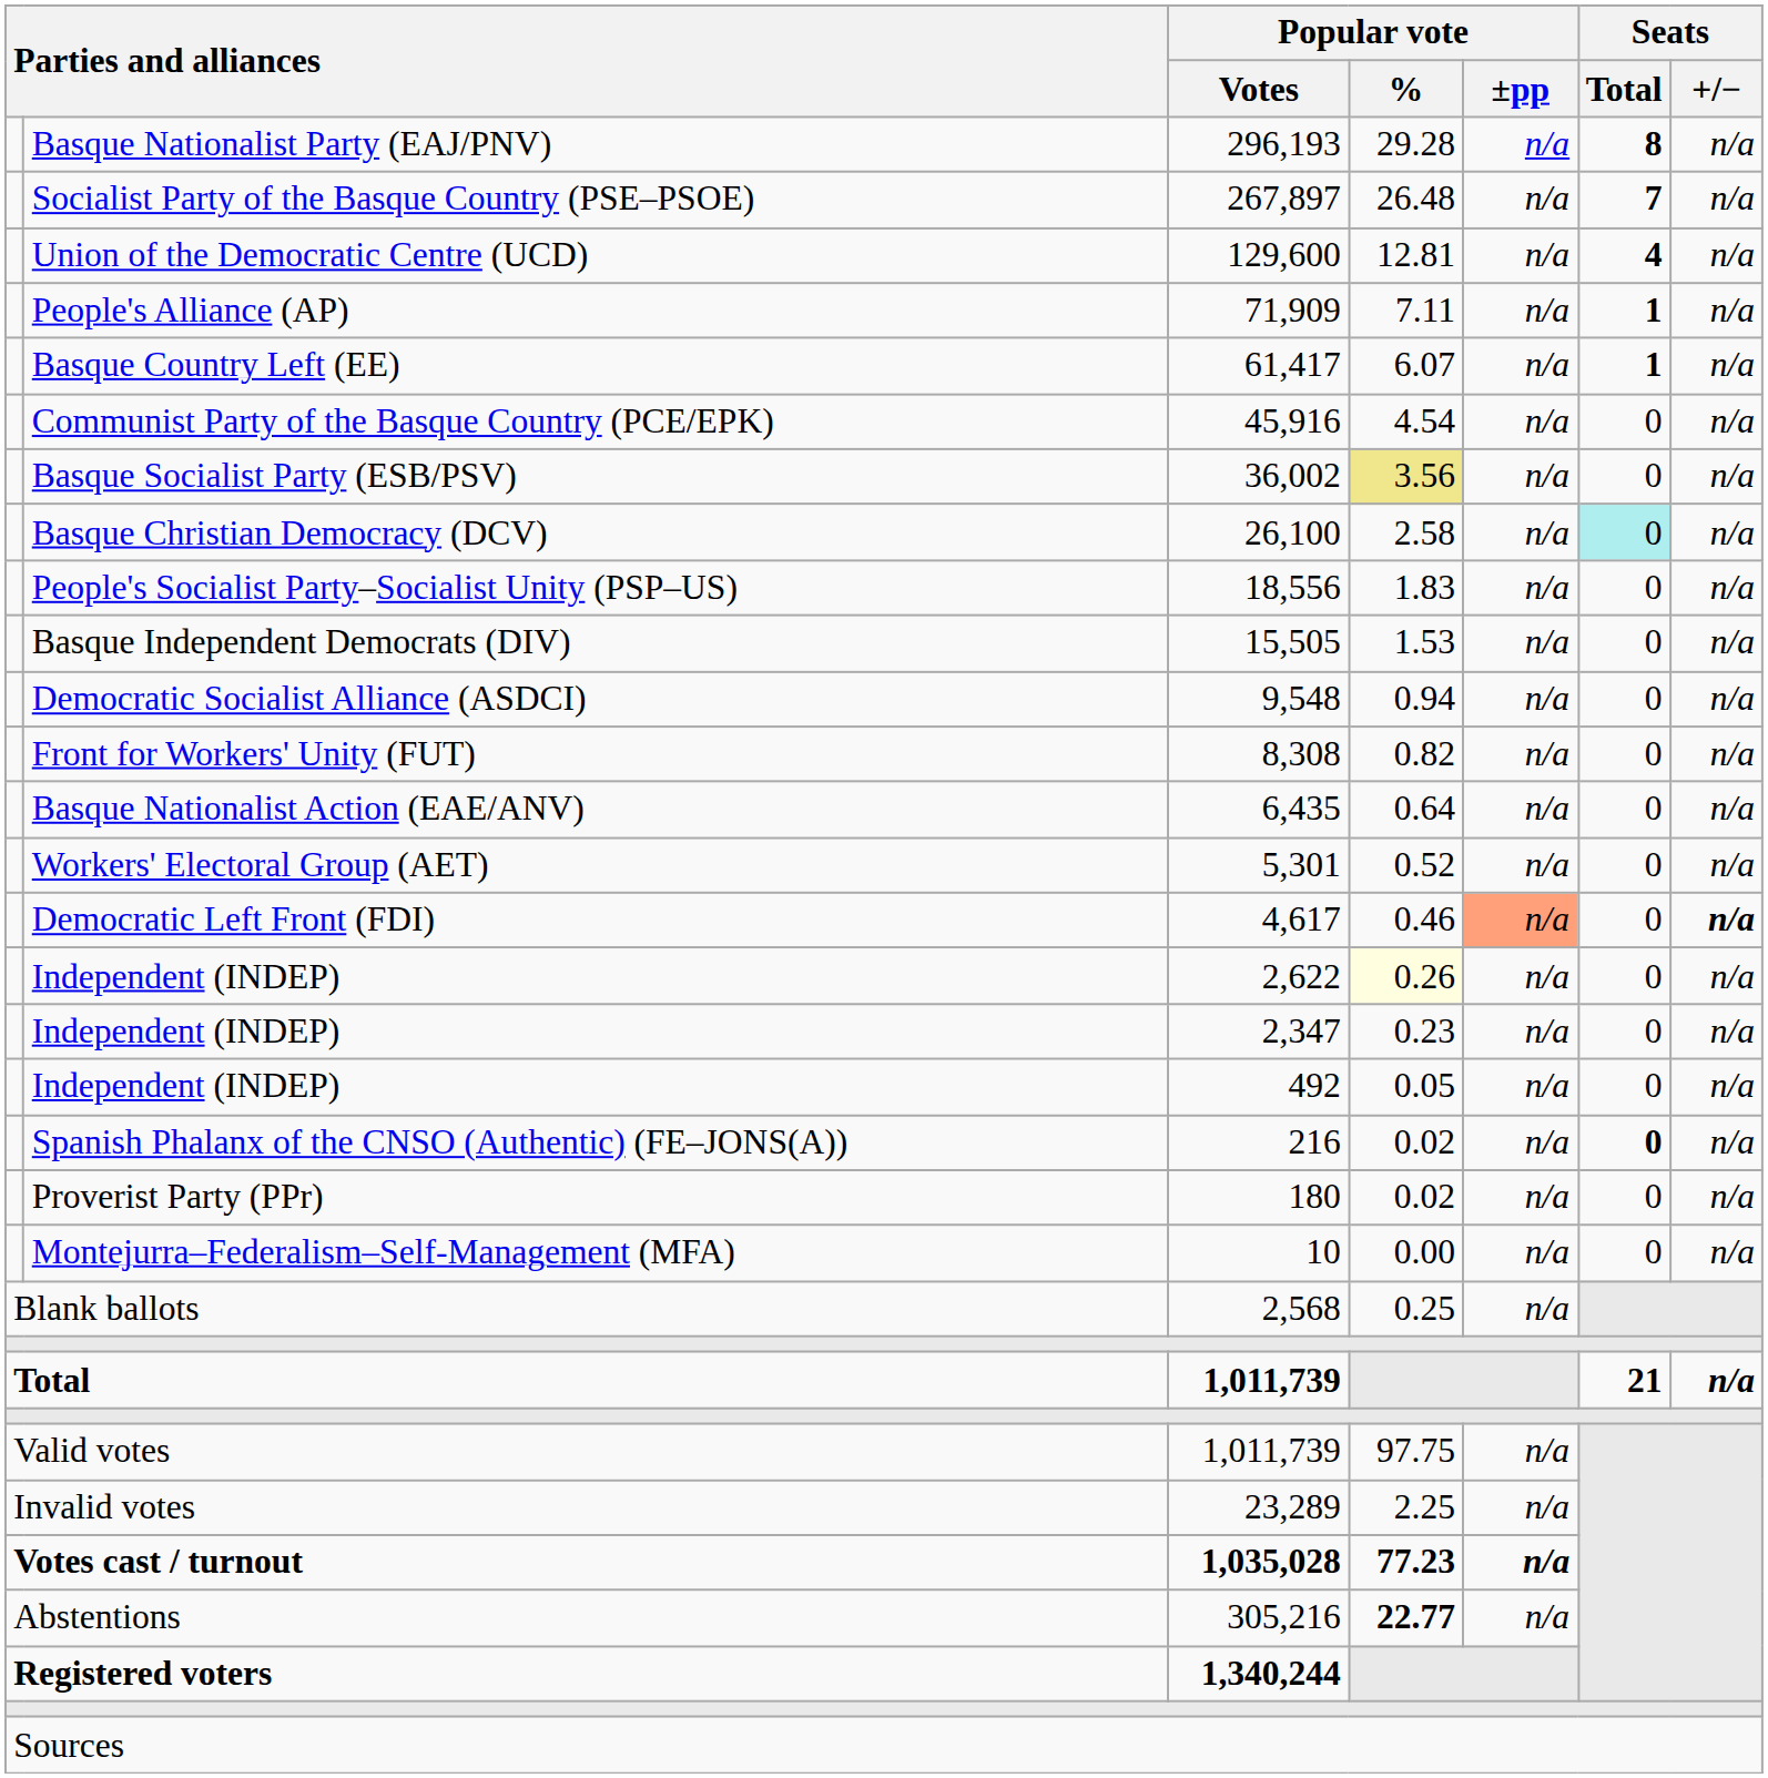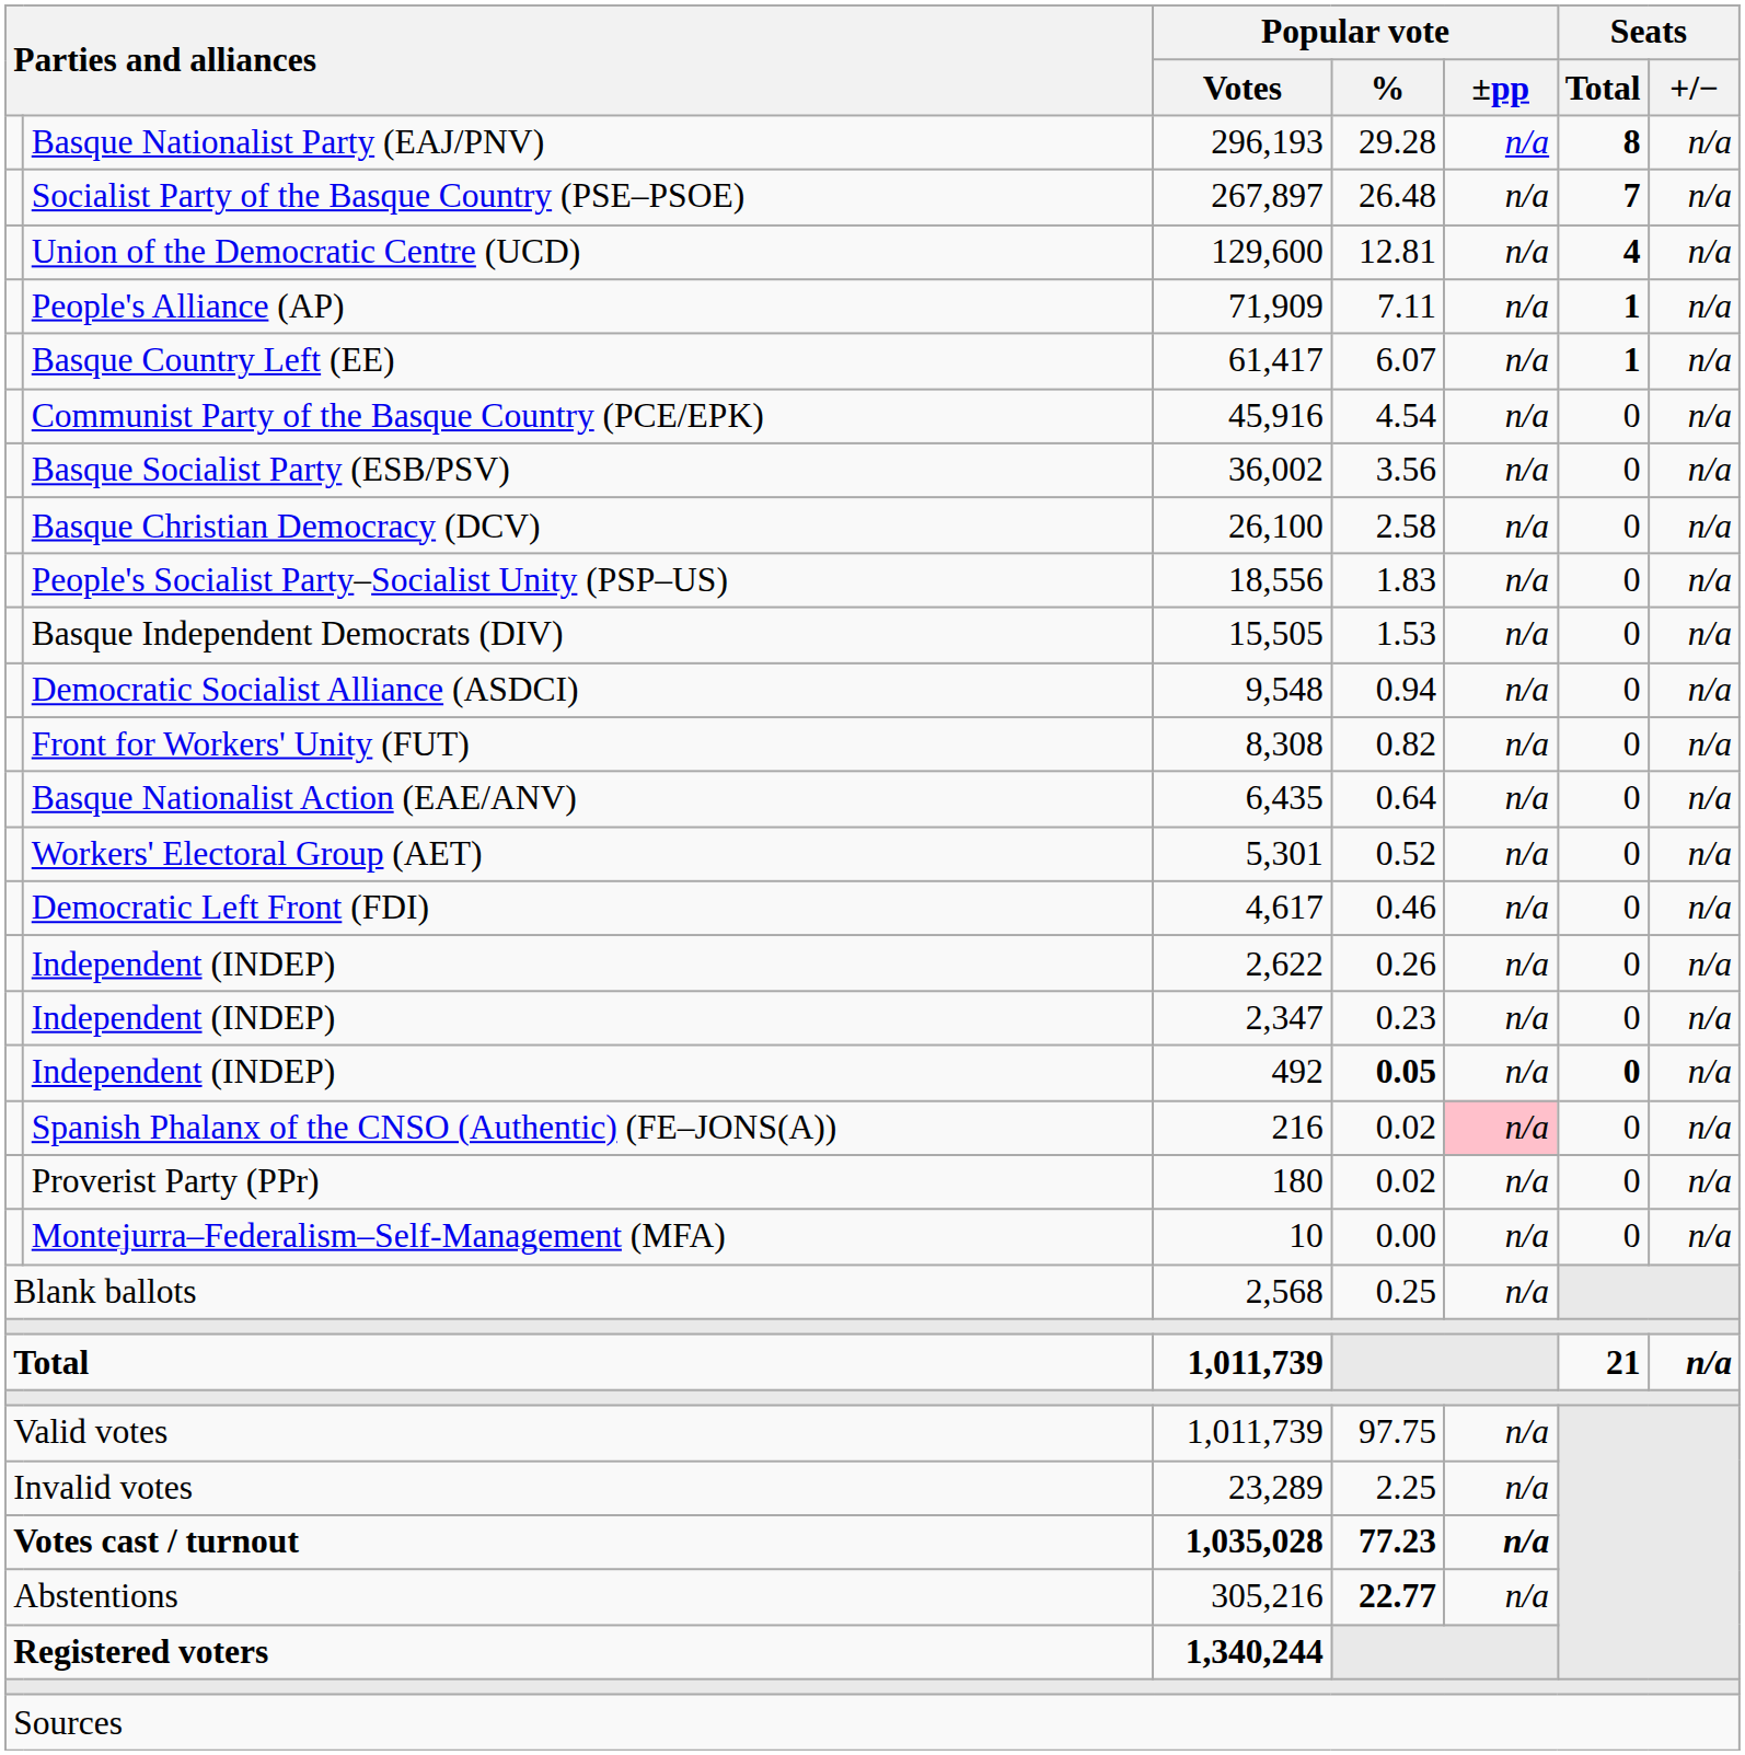 <table class="wikitable" style="text-align:right;">
 <tr>
 <th style="text-align:left;" rowspan="2" colspan="2" width="525">Parties and alliances</th>
 <th colspan="3">Popular vote</th>
 <th colspan="2">Seats</th>
 </tr>
 <tr>
 <th width="75">Votes</th>
 <th width="45">%</th>
 <th width="45">±<a href='#'>pp</a></th>
 <th width="35">Total</th>
 <th width="35">+/−</th>
 </tr>
 <tr>
 <td width="1" style="color:inherit;background:"></td>
 <td align="left"><a href='#'>Basque Nationalist Party</a> (EAJ/PNV)</td>
 <td>296,193</td>
 <td>29.28</td>
 <td><em><a href='#'>n/a</a></em></td>
 <td><strong>8</strong></td>
 <td><em>n/a</em></td>
 </tr>
 <tr>
 <td style="color:inherit;background:"></td>
 <td align="left"><a href='#'>Socialist Party of the Basque Country</a> (PSE–PSOE)</td>
 <td>267,897</td>
 <td>26.48</td>
 <td><em>n/a</em></td>
 <td><strong>7</strong></td>
 <td><em>n/a</em></td>
 </tr>
 <tr>
 <td style="color:inherit;background:"></td>
 <td align="left"><a href='#'>Union of the Democratic Centre</a> (UCD)</td>
 <td>129,600</td>
 <td>12.81</td>
 <td><em>n/a</em></td>
 <td><strong>4</strong></td>
 <td><em>n/a</em></td>
 </tr>
 <tr>
 <td style="color:inherit;background:"></td>
 <td align="left"><a href='#'>People's Alliance</a> (AP)</td>
 <td>71,909</td>
 <td>7.11</td>
 <td><em>n/a</em></td>
 <td><strong>1</strong></td>
 <td><em>n/a</em></td>
 </tr>
 <tr>
 <td style="color:inherit;background:"></td>
 <td align="left"><a href='#'>Basque Country Left</a> (EE)</td>
 <td>61,417</td>
 <td>6.07</td>
 <td><em>n/a</em></td>
 <td><strong>1</strong></td>
 <td><em>n/a</em></td>
 </tr>
 <tr>
 <td style="color:inherit;background:"></td>
 <td align="left"><a href='#'>Communist Party of the Basque Country</a> (PCE/EPK)</td>
 <td>45,916</td>
 <td>4.54</td>
 <td><em>n/a</em></td>
 <td>0</td>
 <td><em>n/a</em></td>
 </tr>
 <tr>
 <td style="color:inherit;background:"></td>
 <td align="left"><a href='#'>Basque Socialist Party</a> (ESB/PSV)</td>
 <td>36,002</td>
-<td style="background: khaki;">3.56</td>
+<td>3.56</td>
 <td><em>n/a</em></td>
 <td>0</td>
 <td><em>n/a</em></td>
 </tr>
 <tr>
 <td style="color:inherit;background:"></td>
 <td align="left"><a href='#'>Basque Christian Democracy</a> (DCV)</td>
 <td>26,100</td>
 <td>2.58</td>
 <td><em>n/a</em></td>
-<td style="background: paleturquoise;">0</td>
+<td>0</td>
 <td><em>n/a</em></td>
 </tr>
 <tr>
 <td style="color:inherit;background:"></td>
 <td align="left"><a href='#'>People's Socialist Party</a>–<a href='#'>Socialist Unity</a> (PSP–US)</td>
 <td>18,556</td>
 <td>1.83</td>
 <td><em>n/a</em></td>
 <td>0</td>
 <td><em>n/a</em></td>
 </tr>
 <tr>
 <td style="color:inherit;background:"></td>
 <td align="left">Basque Independent Democrats (DIV)</td>
 <td>15,505</td>
 <td>1.53</td>
 <td><em>n/a</em></td>
 <td>0</td>
 <td><em>n/a</em></td>
 </tr>
 <tr>
 <td style="color:inherit;background:"></td>
 <td align="left"><a href='#'>Democratic Socialist Alliance</a> (ASDCI)</td>
 <td>9,548</td>
 <td>0.94</td>
 <td><em>n/a</em></td>
 <td>0</td>
 <td><em>n/a</em></td>
 </tr>
 <tr>
 <td style="color:inherit;background:"></td>
 <td align="left"><a href='#'>Front for Workers' Unity</a> (FUT)</td>
 <td>8,308</td>
 <td>0.82</td>
 <td><em>n/a</em></td>
 <td>0</td>
 <td><em>n/a</em></td>
 </tr>
 <tr>
 <td style="color:inherit;background:"></td>
 <td align="left"><a href='#'>Basque Nationalist Action</a> (EAE/ANV)</td>
 <td>6,435</td>
 <td>0.64</td>
 <td><em>n/a</em></td>
 <td>0</td>
 <td><em>n/a</em></td>
 </tr>
 <tr>
 <td style="color:inherit;background:"></td>
 <td align="left"><a href='#'>Workers' Electoral Group</a> (AET)</td>
 <td>5,301</td>
 <td>0.52</td>
 <td><em>n/a</em></td>
 <td>0</td>
 <td><em>n/a</em></td>
 </tr>
 <tr>
 <td style="color:inherit;background:"></td>
 <td align="left"><a href='#'>Democratic Left Front</a> (FDI)</td>
 <td>4,617</td>
 <td>0.46</td>
-<td style="background: lightsalmon;"><em>n/a</em></td>
+<td><em>n/a</em></td>
 <td>0</td>
-<td><strong><em>n/a</em></strong></td>
+<td><em>n/a</em></td>
 </tr>
 <tr>
 <td style="color:inherit;background:"></td>
 <td align="left"><a href='#'>Independent</a> (INDEP)</td>
 <td>2,622</td>
-<td style="background: lightyellow;">0.26</td>
+<td>0.26</td>
 <td><em>n/a</em></td>
 <td>0</td>
 <td><em>n/a</em></td>
 </tr>
 <tr>
 <td style="color:inherit;background:"></td>
 <td align="left"><a href='#'>Independent</a> (INDEP)</td>
 <td>2,347</td>
 <td>0.23</td>
 <td><em>n/a</em></td>
 <td>0</td>
 <td><em>n/a</em></td>
 </tr>
 <tr>
 <td style="color:inherit;background:"></td>
 <td align="left"><a href='#'>Independent</a> (INDEP)</td>
 <td>492</td>
-<td>0.05</td>
+<td><strong>0.05</strong></td>
 <td><em>n/a</em></td>
-<td>0</td>
+<td><strong>0</strong></td>
 <td><em>n/a</em></td>
 </tr>
 <tr>
 <td style="color:inherit;background:"></td>
 <td align="left"><a href='#'>Spanish Phalanx of the CNSO (Authentic)</a> (FE–JONS(A))</td>
 <td>216</td>
 <td>0.02</td>
-<td><em>n/a</em></td>
-<td><strong>0</strong></td>
+<td style="background: pink;"><em>n/a</em></td>
+<td>0</td>
 <td><em>n/a</em></td>
 </tr>
 <tr>
 <td style="color:inherit;background:"></td>
 <td align="left">Proverist Party (PPr)</td>
 <td>180</td>
 <td>0.02</td>
 <td><em>n/a</em></td>
 <td>0</td>
 <td><em>n/a</em></td>
 </tr>
 <tr>
 <td style="color:inherit;background:"></td>
 <td align="left"><a href='#'>Montejurra–Federalism–Self-Management</a> (MFA)</td>
 <td>10</td>
 <td>0.00</td>
 <td><em>n/a</em></td>
 <td>0</td>
 <td><em>n/a</em></td>
 </tr>
 <tr>
 <td align="left" colspan="2">Blank ballots</td>
 <td>2,568</td>
 <td>0.25</td>
 <td><em>n/a</em></td>
 <td bgcolor="#E9E9E9" colspan="2"></td>
 </tr>
 <tr>
 <td colspan="7" bgcolor="#E9E9E9"></td>
 </tr>
 <tr style="font-weight:bold;">
 <td align="left" colspan="2">Total</td>
 <td>1,011,739</td>
 <td bgcolor="#E9E9E9" colspan="2"></td>
 <td>21</td>
 <td><em>n/a</em></td>
 </tr>
 <tr>
 <td colspan="7" bgcolor="#E9E9E9"></td>
 </tr>
 <tr>
 <td align="left" colspan="2">Valid votes</td>
 <td>1,011,739</td>
 <td>97.75</td>
 <td><em>n/a</em></td>
 <td bgcolor="#E9E9E9" colspan="2" rowspan="5"></td>
 </tr>
 <tr>
 <td align="left" colspan="2">Invalid votes</td>
 <td>23,289</td>
 <td>2.25</td>
 <td><em>n/a</em></td>
 </tr>
 <tr style="font-weight:bold;">
 <td align="left" colspan="2">Votes cast / turnout</td>
 <td>1,035,028</td>
 <td>77.23</td>
 <td><em>n/a</em></td>
 </tr>
 <tr>
 <td align="left" colspan="2">Abstentions</td>
 <td>305,216</td>
 <td><strong>22.77</strong></td>
 <td><em>n/a</em></td>
 </tr>
 <tr style="font-weight:bold;">
 <td align="left" colspan="2">Registered voters</td>
 <td>1,340,244</td>
 <td bgcolor="#E9E9E9" colspan="2"></td>
 </tr>
 <tr>
 <td colspan="7" bgcolor="#E9E9E9"></td>
 </tr>
 <tr>
 <td align="left" colspan="7">Sources</td>
 </tr>
 </table>
